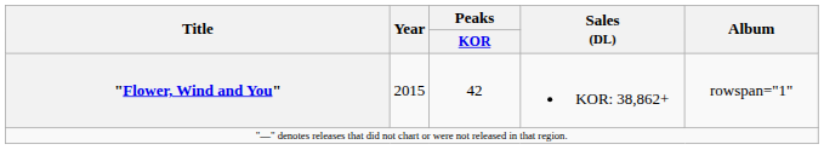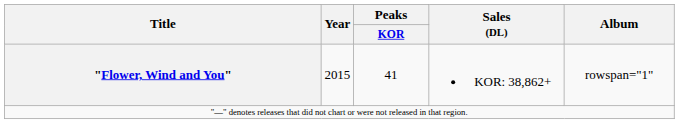 <table class="wikitable plainrowheaders" style="text-align:center;">
 <tr>
 <th scope="col" rowspan="2" style="width:24em;">Title</th>
 <th scope="col" rowspan="2">Year</th>
 <th scope="col">Peaks</th>
 <th scope="col" rowspan="2" style="width:10em;">Sales<br><small>(DL)</small></th>
 <th scope="col" rowspan="2" style="width:8em;">Album</th>
 </tr>
 <tr>
 <th scope="col" style="width:6em;font-size:90%;"><a href='#'>KOR</a><br></th>
 </tr>
 <tr>
 <th scope="row">"<a href='#'>Flower, Wind and You</a>" <br></th>
 <td>2015</td>
-<td>42</td>
+<td>41</td>
 <td><br><ul><li>KOR: 38,862+</li></ul></td>
 <td>rowspan="1" </td>
 </tr>
 <tr>
 <td colspan="5" style="font-size:8pt">"—" denotes releases that did not chart or were not released in that region.</td>
 </tr>
 </table>
